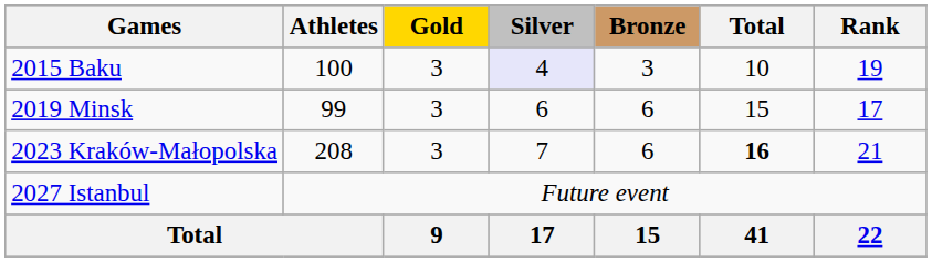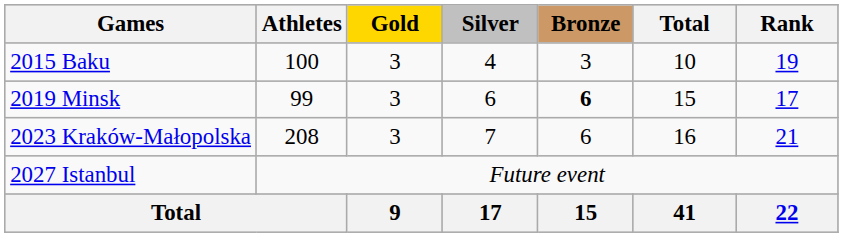 <table class="wikitable" style="text-align:center; font-size:90%;">
 <tr>
 <th>Games</th>
 <th>Athletes</th>
 <td style="background:gold; width:3.7em; font-weight:bold;">Gold</td>
 <td style="background:silver; width:3.7em; font-weight:bold;">Silver</td>
 <td style="background:#cc9966; width:3.7em; font-weight:bold;">Bronze</td>
 <th style="width:4em; font-weight:bold;">Total</th>
 <th style="width:4em; font-weight:bold;">Rank</th>
 </tr>
 <tr>
 <td align=left> <a href='#'>2015 Baku</a></td>
 <td>100</td>
 <td>3</td>
-<td style="background: lavender;">4</td>
+<td>4</td>
 <td>3</td>
 <td>10</td>
 <td><a href='#'>19</a></td>
 </tr>
 <tr>
 <td align=left> <a href='#'>2019 Minsk</a></td>
 <td>99</td>
 <td>3</td>
 <td>6</td>
-<td>6</td>
+<td><strong>6</strong></td>
 <td>15</td>
 <td><a href='#'>17</a></td>
 </tr>
 <tr>
 <td align=left> <a href='#'>2023 Kraków-Małopolska</a></td>
 <td>208</td>
 <td>3</td>
 <td>7</td>
 <td>6</td>
-<td><strong>16</strong></td>
+<td>16</td>
 <td><a href='#'>21</a></td>
 </tr>
 <tr>
 <td align=left> <a href='#'>2027 Istanbul</a></td>
 <td colspan=6><em>Future event</em></td>
 </tr>
 <tr>
 <th colspan=2>Total</th>
 <th>9</th>
 <th>17</th>
 <th>15</th>
 <th>41</th>
 <th><a href='#'>22</a></th>
 </tr>
 </table>
